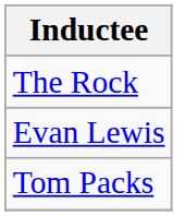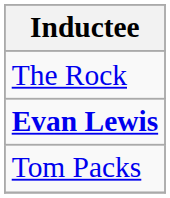 <table class="wikitable">
 <tr>
 <th>Inductee</th>
 </tr>
 <tr>
 <td><a href='#'>The Rock</a></td>
 </tr>
 <tr>
-<td><a href='#'>Evan Lewis</a></td>
+<td><strong><a href='#'>Evan Lewis</a></strong></td>
 </tr>
 <tr>
 <td><a href='#'>Tom Packs</a></td>
 </tr>
 <tr>
 </tr>
 </table>
